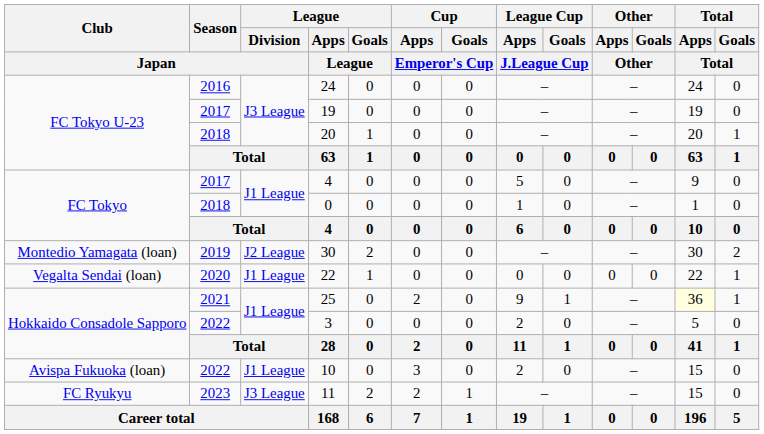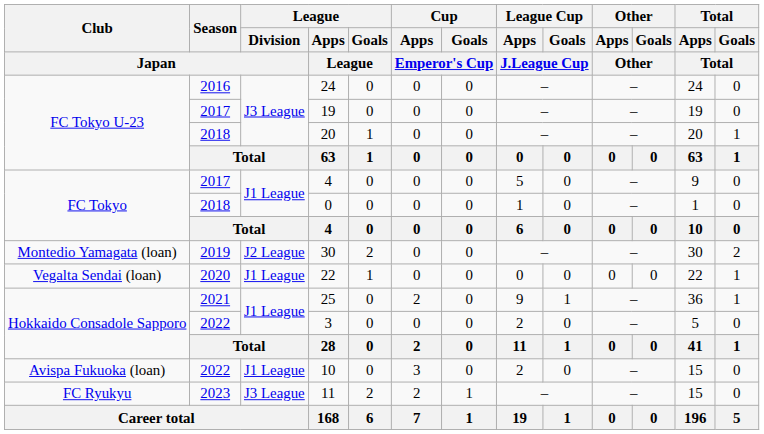 <table class="wikitable" style="text-align: center">
 <tr>
 <th rowspan="2">Club</th>
 <th rowspan="2">Season</th>
 <th colspan="3">League</th>
 <th colspan="2">Cup</th>
 <th colspan="2">League Cup</th>
 <th colspan="2">Other</th>
 <th colspan="2">Total</th>
 </tr>
 <tr>
 <th>Division</th>
 <th>Apps</th>
 <th>Goals</th>
 <th>Apps</th>
 <th>Goals</th>
 <th>Apps</th>
 <th>Goals</th>
 <th>Apps</th>
 <th>Goals</th>
 <th>Apps</th>
 <th>Goals</th>
 </tr>
 <tr>
 <th colspan=3>Japan</th>
 <th colspan=2>League</th>
 <th colspan=2><a href='#'>Emperor's Cup</a></th>
 <th colspan=2><a href='#'>J.League Cup</a></th>
 <th colspan=2>Other</th>
 <th colspan=2>Total</th>
 </tr>
 <tr>
 <td rowspan="4"><a href='#'>FC Tokyo U-23</a></td>
 <td><a href='#'>2016</a></td>
 <td rowspan="3"><a href='#'>J3 League</a></td>
 <td>24</td>
 <td>0</td>
 <td>0</td>
 <td>0</td>
 <td colspan="2">–</td>
 <td colspan="2">–</td>
 <td>24</td>
 <td>0</td>
 </tr>
 <tr>
 <td><a href='#'>2017</a></td>
 <td>19</td>
 <td>0</td>
 <td>0</td>
 <td>0</td>
 <td colspan="2">–</td>
 <td colspan="2">–</td>
 <td>19</td>
 <td>0</td>
 </tr>
 <tr>
 <td><a href='#'>2018</a></td>
 <td>20</td>
 <td>1</td>
 <td>0</td>
 <td>0</td>
 <td colspan="2">–</td>
 <td colspan="2">–</td>
 <td>20</td>
 <td>1</td>
 </tr>
 <tr>
 <th colspan="2">Total</th>
 <th>63</th>
 <th>1</th>
 <th>0</th>
 <th>0</th>
 <th>0</th>
 <th>0</th>
 <th>0</th>
 <th>0</th>
 <th>63</th>
 <th>1</th>
 </tr>
 <tr>
 <td rowspan="3"><a href='#'>FC Tokyo</a></td>
 <td><a href='#'>2017</a></td>
 <td rowspan="2"><a href='#'>J1 League</a></td>
 <td>4</td>
 <td>0</td>
 <td>0</td>
 <td>0</td>
 <td>5</td>
 <td>0</td>
 <td colspan="2">–</td>
 <td>9</td>
 <td>0</td>
 </tr>
 <tr>
 <td><a href='#'>2018</a></td>
 <td>0</td>
 <td>0</td>
 <td>0</td>
 <td>0</td>
 <td>1</td>
 <td>0</td>
 <td colspan="2">–</td>
 <td>1</td>
 <td>0</td>
 </tr>
 <tr>
 <th colspan="2">Total</th>
 <th>4</th>
 <th>0</th>
 <th>0</th>
 <th>0</th>
 <th>6</th>
 <th>0</th>
 <th>0</th>
 <th>0</th>
 <th>10</th>
 <th>0</th>
 </tr>
 <tr>
 <td><a href='#'>Montedio Yamagata</a> (loan)</td>
 <td><a href='#'>2019</a></td>
 <td><a href='#'>J2 League</a></td>
 <td>30</td>
 <td>2</td>
 <td>0</td>
 <td>0</td>
 <td colspan="2">–</td>
 <td colspan="2">–</td>
 <td>30</td>
 <td>2</td>
 </tr>
 <tr>
 <td><a href='#'>Vegalta Sendai</a> (loan)</td>
 <td><a href='#'>2020</a></td>
 <td><a href='#'>J1 League</a></td>
 <td>22</td>
 <td>1</td>
 <td>0</td>
 <td>0</td>
 <td>0</td>
 <td>0</td>
 <td>0</td>
 <td>0</td>
 <td>22</td>
 <td>1</td>
 </tr>
 <tr>
 <td rowspan="3"><a href='#'>Hokkaido Consadole Sapporo</a></td>
 <td><a href='#'>2021</a></td>
 <td rowspan="2"><a href='#'>J1 League</a></td>
 <td>25</td>
 <td>0</td>
 <td>2</td>
 <td>0</td>
 <td>9</td>
 <td>1</td>
 <td colspan="2">–</td>
-<td style="background: lightyellow;">36</td>
+<td>36</td>
 <td>1</td>
 </tr>
 <tr>
 <td><a href='#'>2022</a></td>
 <td>3</td>
 <td>0</td>
 <td>0</td>
 <td>0</td>
 <td>2</td>
 <td>0</td>
 <td colspan="2">–</td>
 <td>5</td>
 <td>0</td>
 </tr>
 <tr>
 <th colspan="2">Total</th>
 <th>28</th>
 <th>0</th>
 <th>2</th>
 <th>0</th>
 <th>11</th>
 <th>1</th>
 <th>0</th>
 <th>0</th>
 <th>41</th>
 <th>1</th>
 </tr>
 <tr>
 <td><a href='#'>Avispa Fukuoka</a> (loan)</td>
 <td><a href='#'>2022</a></td>
 <td><a href='#'>J1 League</a></td>
 <td>10</td>
 <td>0</td>
 <td>3</td>
 <td>0</td>
 <td>2</td>
 <td>0</td>
 <td colspan="2">–</td>
 <td>15</td>
 <td>0</td>
 </tr>
 <tr>
 <td><a href='#'>FC Ryukyu</a></td>
 <td><a href='#'>2023</a></td>
 <td><a href='#'>J3 League</a></td>
 <td>11</td>
 <td>2</td>
 <td>2</td>
 <td>1</td>
 <td colspan="2">–</td>
 <td colspan="2">–</td>
 <td>15</td>
 <td>0</td>
 </tr>
 <tr>
 <th colspan=3>Career total</th>
 <th>168</th>
 <th>6</th>
 <th>7</th>
 <th>1</th>
 <th>19</th>
 <th>1</th>
 <th>0</th>
 <th>0</th>
 <th>196</th>
 <th>5</th>
 </tr>
 </table>
